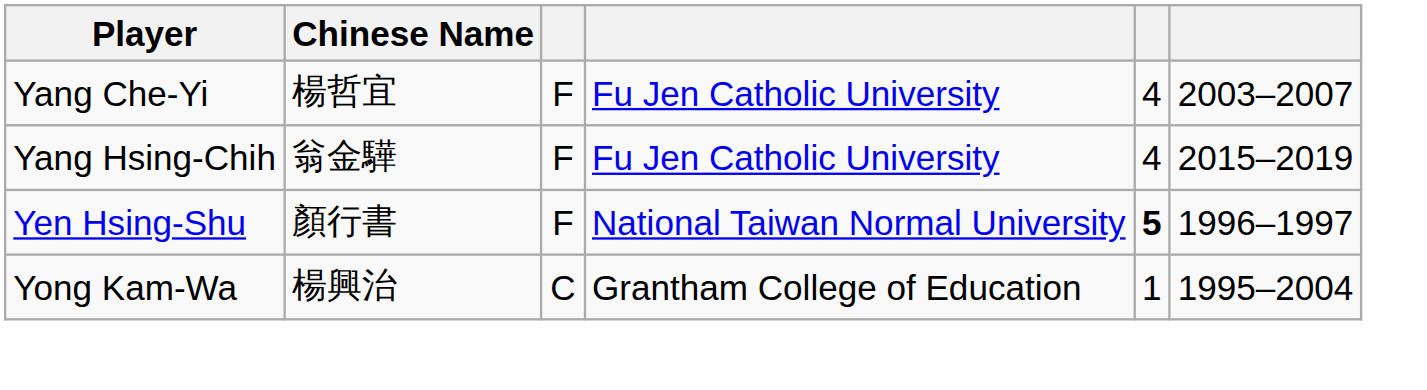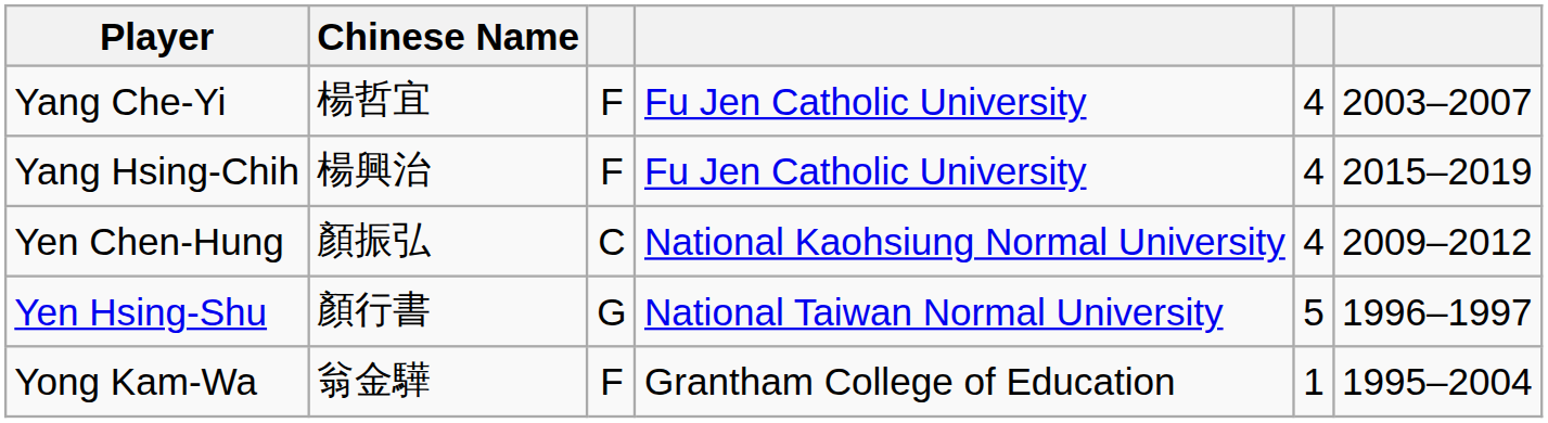 <table class="wikitable sortable" style="font-size:95%; text-align:right;">
 <tr>
 <th>Player</th>
 <th>Chinese Name</th>
 <th></th>
 <th></th>
 <th></th>
 <th></th>
 </tr>
 <tr>
 <td align="left">Yang Che-Yi</td>
 <td align="left">楊哲宜</td>
 <td align="center">F</td>
 <td align="left"><a href='#'>Fu Jen Catholic University</a></td>
 <td align="center">4</td>
 <td align="center">2003–2007</td>
 </tr>
 <tr>
 <td align="left">Yang Hsing-Chih</td>
-<td align="left">翁金驊</td>
+<td align="left">楊興治</td>
 <td align="center">F</td>
 <td align="left"><a href='#'>Fu Jen Catholic University</a></td>
 <td align="center">4</td>
 <td align="center">2015–2019</td>
 </tr>
 <tr>
+<td align="left">Yen Chen-Hung</td>
+<td align="left">顏振弘</td>
+<td align="center">C</td>
+<td align="left"><a href='#'>National Kaohsiung Normal University</a></td>
+<td align="center">4</td>
+<td align="center">2009–2012</td>
+</tr>
+<tr>
 <td align="left"><a href='#'>Yen Hsing-Shu</a></td>
 <td align="left">顏行書</td>
-<td align="center">F</td>
+<td align="center">G</td>
 <td align="left"><a href='#'>National Taiwan Normal University</a></td>
-<td align="center"><strong>5</strong></td>
+<td align="center">5</td>
 <td align="center">1996–1997</td>
 </tr>
 <tr>
 <td align="left">Yong Kam-Wa</td>
-<td align="left">楊興治</td>
-<td align="center">C</td>
+<td align="left">翁金驊</td>
+<td align="center">F</td>
 <td align="left">Grantham College of Education</td>
 <td align="center">1</td>
 <td align="center">1995–2004</td>
 </tr>
 </table>
